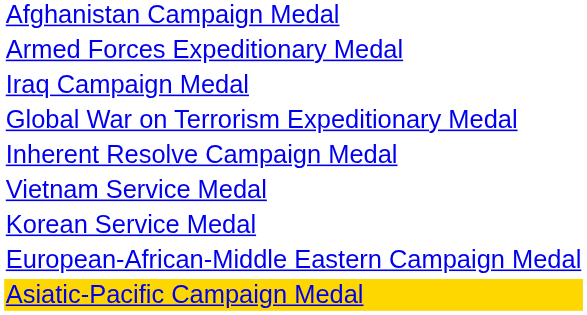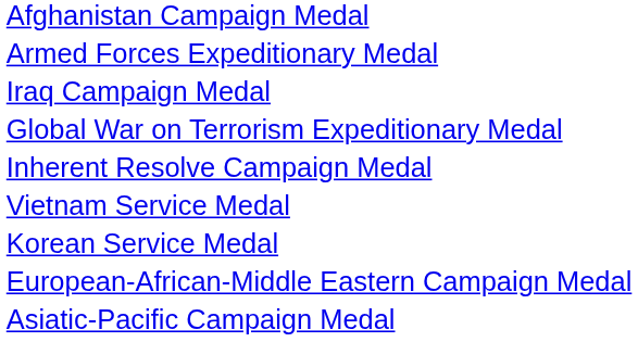 <table>
 <tr>
 <td> <a href='#'>Afghanistan Campaign Medal</a></td>
 </tr>
 <tr>
 <td> <a href='#'>Armed Forces Expeditionary Medal</a></td>
 </tr>
 <tr>
 <td> <a href='#'>Iraq Campaign Medal</a></td>
 </tr>
 <tr>
 <td> <a href='#'>Global War on Terrorism Expeditionary Medal</a></td>
 </tr>
 <tr>
 <td> <a href='#'>Inherent Resolve Campaign Medal</a></td>
 </tr>
 <tr>
 <td> <a href='#'>Vietnam Service Medal</a></td>
 </tr>
 <tr>
 <td> <a href='#'>Korean Service Medal</a></td>
 </tr>
 <tr>
 <td> <a href='#'>European-African-Middle Eastern Campaign Medal</a></td>
 </tr>
 <tr>
-<td style="background: gold;"> <a href='#'>Asiatic-Pacific Campaign Medal</a></td>
+<td> <a href='#'>Asiatic-Pacific Campaign Medal</a></td>
 </tr>
 </table>
